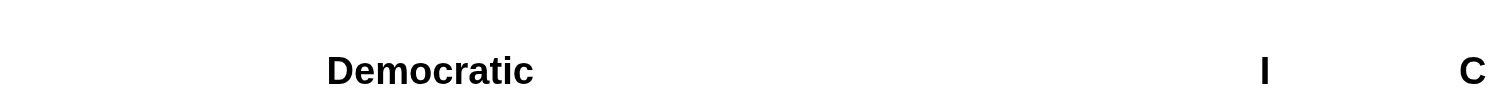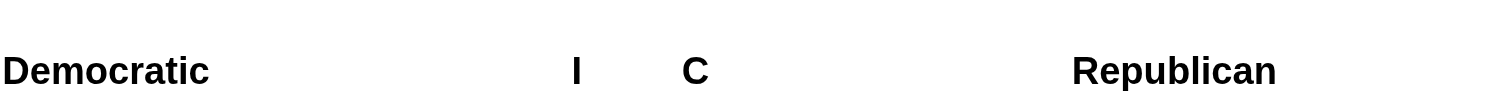 <table style="width:50em; text-align:center">
 <tr style="color:white">
 <td style="background:"><strong>56</strong></td>
 <td style="background:"><strong>1</strong></td>
 <td style="background:"><strong>1</strong></td>
+<td style="background:"><strong>42</strong></td>
 </tr>
 <tr>
 <td><span><strong>Democratic</strong></span></td>
 <td><strong>I</strong></td>
 <td><strong>C</strong></td>
+<td><span><strong>Republican</strong></span></td>
 </tr>
 </table>
